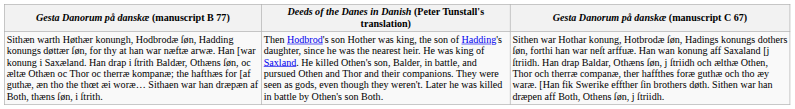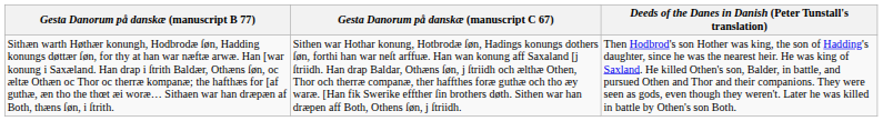 <table class="wikitable">
 <tr>
 <th><em>Gesta Danorum på danskæ</em> (manuscript B 77)</th>
+<th><em>Gesta Danorum på danskæ</em> (manuscript C 67)</th>
 <th><em>Deeds of the Danes in Danish</em> (Peter Tunstall's translation)</th>
-<th><em>Gesta Danorum på danskæ</em> (manuscript C 67)</th>
 </tr>
 <tr>
 <td>Sithæn warth Høthær konungh, Hodbrodæ ſøn, Hadding konungs døttær ſøn, for thy at han war næftæ arwæ. Han [war konung i Saxæland. Han drap i ſtrith Baldær, Othæns ſøn, oc æltæ Othæn oc Thor oc therræ kompanæ; the hafthæs for [af guthæ, æn tho the thœt æi woræ… Sithaen war han dræpæn af Both, thæns ſøn, i ſtrith.</td>
+<td>Sithen war Hothar konung, Hotbrodæ ſøn, Hadings konungs dothers ſøn, forthi han war neſt arffuæ. Han wan konung aff Saxaland [j ſtriidh. Han drap Baldar, Othæns ſøn, j ſtriidh och ælthæ Othen, Thor och therræ companæ, ther haffthes foræ guthæ och tho æy waræ. [Han fik Swerike effther ſin brothers døth. Sithen war han dræpen aff Both, Othens ſøn, j ſtriidh.</td>
 <td>Then <a href='#'>Hodbrod</a>'s son Hother was king, the son of <a href='#'>Hadding</a>'s daughter, since he was the nearest heir. He was king of <a href='#'>Saxland</a>. He killed Othen's son, Balder, in battle, and pursued Othen and Thor and their companions. They were seen as gods, even though they weren't. Later he was killed in battle by Othen's son Both.</td>
-<td>Sithen war Hothar konung, Hotbrodæ ſøn, Hadings konungs dothers ſøn, forthi han war neſt arffuæ. Han wan konung aff Saxaland [j ſtriidh. Han drap Baldar, Othæns ſøn, j ſtriidh och ælthæ Othen, Thor och therræ companæ, ther haffthes foræ guthæ och tho æy waræ. [Han fik Swerike effther ſin brothers døth. Sithen war han dræpen aff Both, Othens ſøn, j ſtriidh.</td>
 </tr>
 </table>
